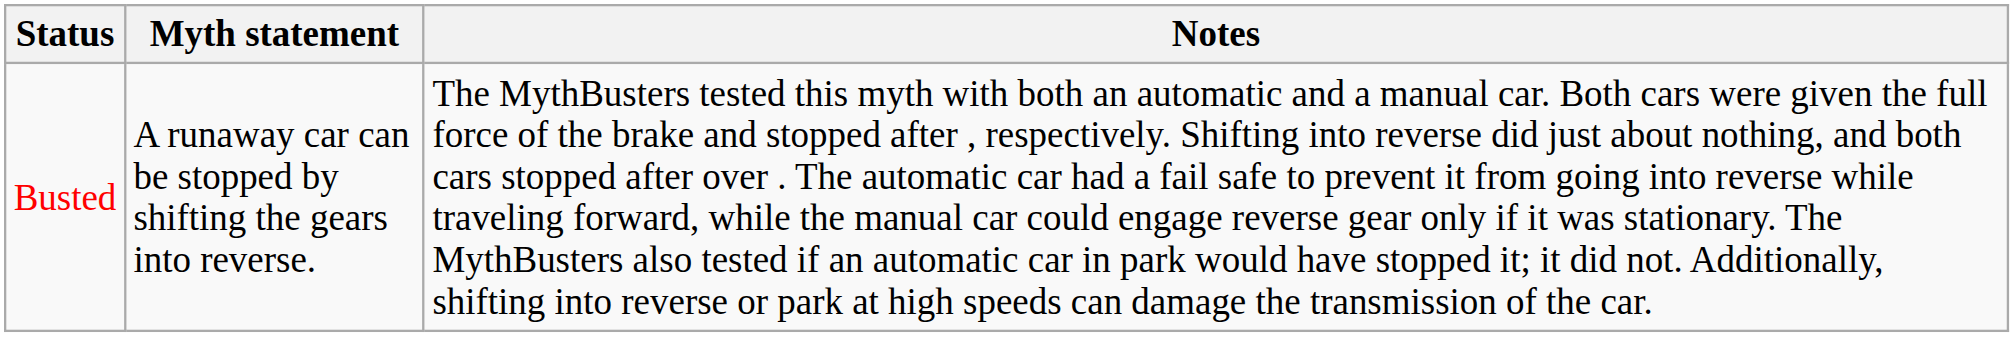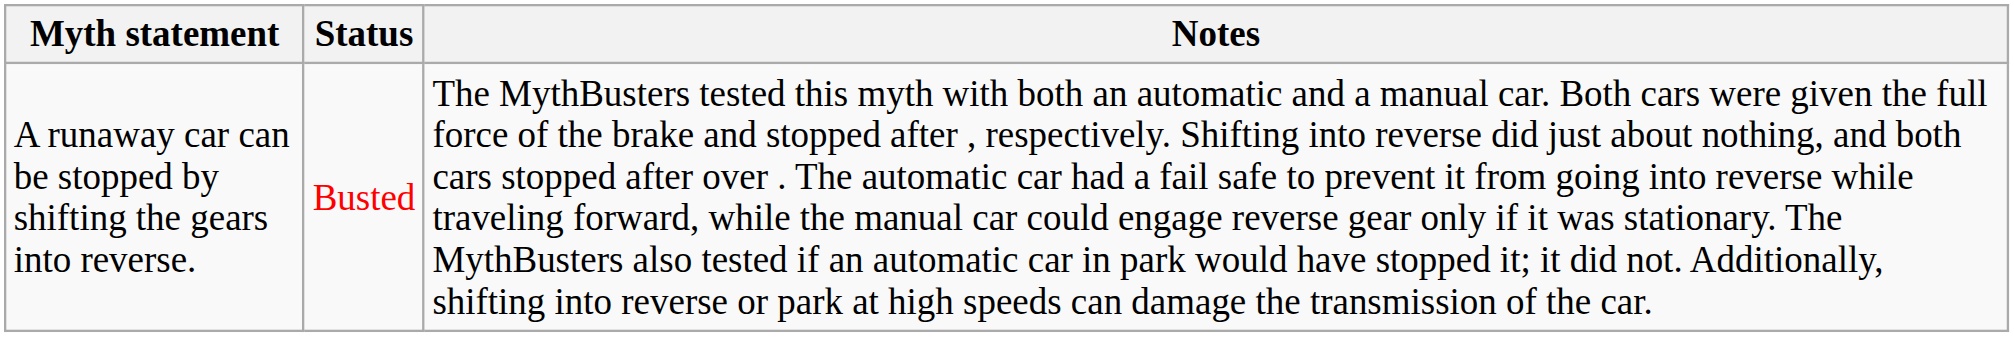 <table class="wikitable plainrowheaders">
 <tr>
+<th>Myth statement</th>
 <th>Status</th>
-<th>Myth statement</th>
 <th>Notes</th>
 </tr>
 <tr>
+<td>A runaway car can be stopped by shifting the gears into reverse.</td>
 <td style="color:red">Busted</td>
-<td>A runaway car can be stopped by shifting the gears into reverse.</td>
 <td>The MythBusters tested this myth with both an automatic and a manual car. Both cars were given the full force of the brake and stopped after , respectively. Shifting into reverse did just about nothing, and both cars stopped after over . The automatic car had a fail safe to prevent it from going into reverse while traveling forward, while the manual car could engage reverse gear only if it was stationary. The MythBusters also tested if an automatic car in park would have stopped it; it did not.  Additionally, shifting into reverse or park at high speeds can damage the transmission of the car.</td>
 </tr>
 </table>
